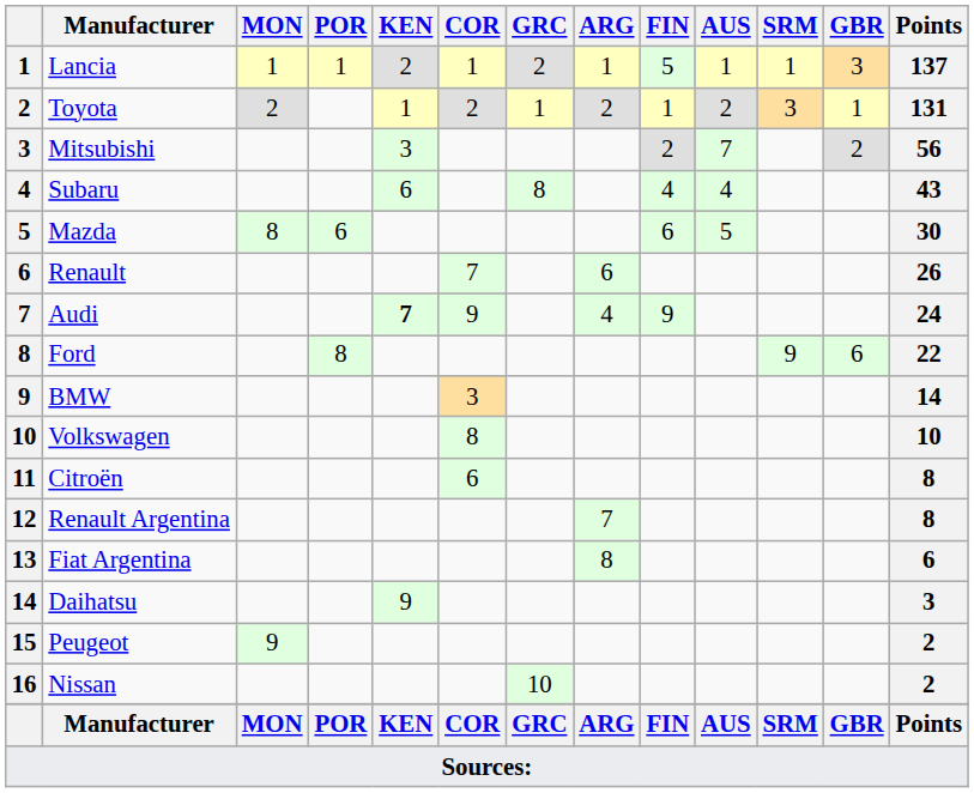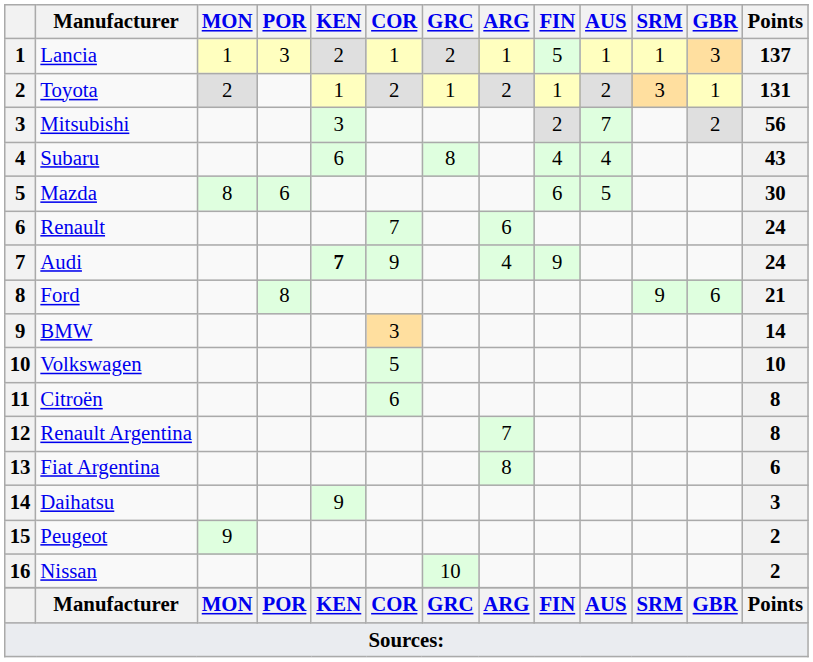 <table class="wikitable" style="font-size: 85%; text-align: center;">
 <tr valign="top">
 <th valign="middle"></th>
 <th valign="middle">Manufacturer</th>
 <th><a href='#'>MON</a><br></th>
 <th><a href='#'>POR</a><br></th>
 <th><a href='#'>KEN</a><br></th>
 <th><a href='#'>COR</a><br></th>
 <th><a href='#'>GRC</a><br></th>
 <th><a href='#'>ARG</a><br></th>
 <th><a href='#'>FIN</a><br></th>
 <th><a href='#'>AUS</a><br></th>
 <th><a href='#'>SRM</a><br></th>
 <th><a href='#'>GBR</a><br></th>
 <th valign="middle">Points</th>
 </tr>
 <tr>
 <th>1</th>
 <td align="left"> <a href='#'>Lancia</a></td>
 <td style="background:#FFFFBF;">1</td>
-<td style="background:#FFFFBF;">1</td>
+<td style="background:#FFFFBF;">3</td>
 <td style="background:#DFDFDF;">2</td>
 <td style="background:#FFFFBF;">1</td>
 <td style="background:#DFDFDF;">2</td>
 <td style="background:#FFFFBF;">1</td>
 <td style="background:#DFFFDF;">5</td>
 <td style="background:#FFFFBF;">1</td>
 <td style="background:#FFFFBF;">1</td>
 <td style="background:#FFDF9F;">3</td>
 <th>137</th>
 </tr>
 <tr>
 <th>2</th>
 <td align="left"> <a href='#'>Toyota</a></td>
 <td style="background:#DFDFDF;">2</td>
 <td></td>
 <td style="background:#FFFFBF;">1</td>
 <td style="background:#DFDFDF;">2</td>
 <td style="background:#FFFFBF;">1</td>
 <td style="background:#DFDFDF;">2</td>
 <td style="background:#FFFFBF;">1</td>
 <td style="background:#DFDFDF;">2</td>
 <td style="background:#FFDF9F;">3</td>
 <td style="background:#FFFFBF;">1</td>
 <th>131</th>
 </tr>
 <tr>
 <th>3</th>
 <td align="left"> <a href='#'>Mitsubishi</a></td>
 <td></td>
 <td></td>
 <td style="background:#DFFFDF;">3</td>
 <td></td>
 <td></td>
 <td></td>
 <td style="background:#DFDFDF;">2</td>
 <td style="background:#DFFFDF;">7</td>
 <td></td>
 <td style="background:#DFDFDF;">2</td>
 <th>56</th>
 </tr>
 <tr>
 <th>4</th>
 <td align="left"> <a href='#'>Subaru</a></td>
 <td></td>
 <td></td>
 <td style="background:#DFFFDF;">6</td>
 <td></td>
 <td style="background:#DFFFDF;">8</td>
 <td></td>
 <td style="background:#DFFFDF;">4</td>
 <td style="background:#DFFFDF;">4</td>
 <td></td>
 <td></td>
 <th>43</th>
 </tr>
 <tr>
 <th>5</th>
 <td align="left"> <a href='#'>Mazda</a></td>
 <td style="background:#DFFFDF;">8</td>
 <td style="background:#DFFFDF;">6</td>
 <td></td>
 <td></td>
 <td></td>
 <td></td>
 <td style="background:#DFFFDF;">6</td>
 <td style="background:#DFFFDF;">5</td>
 <td></td>
 <td></td>
 <th>30</th>
 </tr>
 <tr>
 <th>6</th>
 <td align="left"> <a href='#'>Renault</a></td>
 <td></td>
 <td></td>
 <td></td>
 <td style="background:#DFFFDF;">7</td>
 <td></td>
 <td style="background:#DFFFDF;">6</td>
 <td></td>
 <td></td>
 <td></td>
 <td></td>
-<th>26</th>
+<th>24</th>
 </tr>
 <tr>
 <th>7</th>
 <td align="left"> <a href='#'>Audi</a></td>
 <td></td>
 <td></td>
 <td style="background:#DFFFDF;"><strong>7</strong></td>
 <td style="background:#DFFFDF;">9</td>
 <td></td>
 <td style="background:#DFFFDF;">4</td>
 <td style="background:#DFFFDF;">9</td>
 <td></td>
 <td></td>
 <td></td>
 <th>24</th>
 </tr>
 <tr>
 <th>8</th>
 <td align="left"> <a href='#'>Ford</a></td>
 <td></td>
 <td style="background:#DFFFDF;">8</td>
 <td></td>
 <td></td>
 <td></td>
 <td></td>
 <td></td>
 <td></td>
 <td style="background:#DFFFDF;">9</td>
 <td style="background:#DFFFDF;">6</td>
-<th>22</th>
+<th>21</th>
 </tr>
 <tr>
 <th>9</th>
 <td align="left"> <a href='#'>BMW</a></td>
 <td></td>
 <td></td>
 <td></td>
 <td style="background:#FFDF9F;">3</td>
 <td></td>
 <td></td>
 <td></td>
 <td></td>
 <td></td>
 <td></td>
 <th>14</th>
 </tr>
 <tr>
 <th>10</th>
 <td align="left"> <a href='#'>Volkswagen</a></td>
 <td></td>
 <td></td>
 <td></td>
-<td style="background:#DFFFDF;">8</td>
+<td style="background:#DFFFDF;">5</td>
 <td></td>
 <td></td>
 <td></td>
 <td></td>
 <td></td>
 <td></td>
 <th>10</th>
 </tr>
 <tr>
 <th>11</th>
 <td align="left"> <a href='#'>Citroën</a></td>
 <td></td>
 <td></td>
 <td></td>
 <td style="background:#DFFFDF;">6</td>
 <td></td>
 <td></td>
 <td></td>
 <td></td>
 <td></td>
 <td></td>
 <th>8</th>
 </tr>
 <tr>
 <th>12</th>
 <td align="left"> <a href='#'>Renault Argentina</a></td>
 <td></td>
 <td></td>
 <td></td>
 <td></td>
 <td></td>
 <td style="background:#DFFFDF;">7</td>
 <td></td>
 <td></td>
 <td></td>
 <td></td>
 <th>8</th>
 </tr>
 <tr>
 <th>13</th>
 <td align="left"> <a href='#'>Fiat Argentina</a></td>
 <td></td>
 <td></td>
 <td></td>
 <td></td>
 <td></td>
 <td style="background:#DFFFDF;">8</td>
 <td></td>
 <td></td>
 <td></td>
 <td></td>
 <th>6</th>
 </tr>
 <tr>
 <th>14</th>
 <td align="left"> <a href='#'>Daihatsu</a></td>
 <td></td>
 <td></td>
 <td style="background:#DFFFDF;">9</td>
 <td></td>
 <td></td>
 <td></td>
 <td></td>
 <td></td>
 <td></td>
 <td></td>
 <th>3</th>
 </tr>
 <tr>
 <th>15</th>
 <td align="left"> <a href='#'>Peugeot</a></td>
 <td style="background:#DFFFDF;">9</td>
 <td></td>
 <td></td>
 <td></td>
 <td></td>
 <td></td>
 <td></td>
 <td></td>
 <td></td>
 <td></td>
 <th>2</th>
 </tr>
 <tr>
 <th>16</th>
 <td align="left"> <a href='#'>Nissan</a></td>
 <td></td>
 <td></td>
 <td></td>
 <td></td>
 <td style="background:#DFFFDF;">10</td>
 <td></td>
 <td></td>
 <td></td>
 <td></td>
 <td></td>
 <th>2</th>
 </tr>
 <tr>
 </tr>
 <tr valign="top">
 <th valign="middle"></th>
 <th valign="middle">Manufacturer</th>
 <th><a href='#'>MON</a><br></th>
 <th><a href='#'>POR</a><br></th>
 <th><a href='#'>KEN</a><br></th>
 <th><a href='#'>COR</a><br></th>
 <th><a href='#'>GRC</a><br></th>
 <th><a href='#'>ARG</a><br></th>
 <th><a href='#'>FIN</a><br></th>
 <th><a href='#'>AUS</a><br></th>
 <th><a href='#'>SRM</a><br></th>
 <th><a href='#'>GBR</a><br></th>
 <th valign="middle">Points</th>
 </tr>
 <tr>
 <td colspan="15" style="background-color:#EAECF0;text-align:center"><strong>Sources:</strong></td>
 </tr>
 </table>
